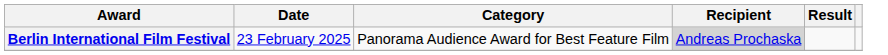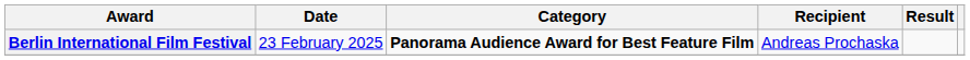 <table class="wikitable sortable plainrowheaders">
 <tr>
 <th>Award</th>
 <th>Date</th>
 <th>Category</th>
 <th>Recipient</th>
 <th>Result</th>
 <th></th>
 </tr>
 <tr>
 <th scope="row"><a href='#'>Berlin International Film Festival</a></th>
 <td><a href='#'>23 February 2025</a></td>
-<td>Panorama Audience Award for Best Feature Film</td>
-<td style="background: lightgrey;"><a href='#'>Andreas Prochaska</a></td>
+<td><strong>Panorama Audience Award for Best Feature Film</strong></td>
+<td><a href='#'>Andreas Prochaska</a></td>
 <td></td>
 <td align="center" rowspan="1"></td>
 </tr>
 <tr>
 </tr>
 </table>
